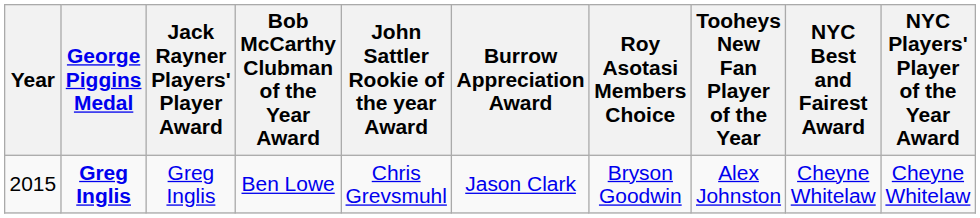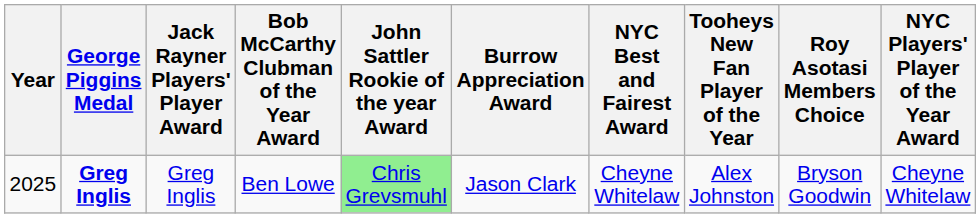 <table class="wikitable" style="text-align:center; width:100%;">
 <tr>
 <th>Year</th>
 <th><a href='#'>George Piggins Medal</a></th>
 <th>Jack Rayner Players' Player Award</th>
 <th>Bob McCarthy Clubman of the Year Award</th>
 <th>John Sattler Rookie of the year Award</th>
 <th>Burrow Appreciation Award</th>
+<th>NYC Best and Fairest Award</th>
+<th>Tooheys New Fan Player of the Year</th>
 <th>Roy Asotasi Members Choice</th>
-<th>Tooheys New Fan Player of the Year</th>
-<th>NYC Best and Fairest Award</th>
 <th>NYC Players' Player of the Year Award</th>
 </tr>
 <tr>
-<td>2015</td>
+<td>2025</td>
 <td><strong><a href='#'>Greg Inglis</a></strong></td>
 <td><a href='#'>Greg Inglis</a></td>
 <td><a href='#'>Ben Lowe</a></td>
-<td><a href='#'>Chris Grevsmuhl</a></td>
+<td style="background: lightgreen;"><a href='#'>Chris Grevsmuhl</a></td>
 <td><a href='#'>Jason Clark</a></td>
+<td><a href='#'>Cheyne Whitelaw</a></td>
+<td><a href='#'>Alex Johnston</a></td>
 <td><a href='#'>Bryson Goodwin</a></td>
-<td><a href='#'>Alex Johnston</a></td>
-<td><a href='#'>Cheyne Whitelaw</a></td>
 <td><a href='#'>Cheyne Whitelaw</a></td>
 </tr>
 </table>
